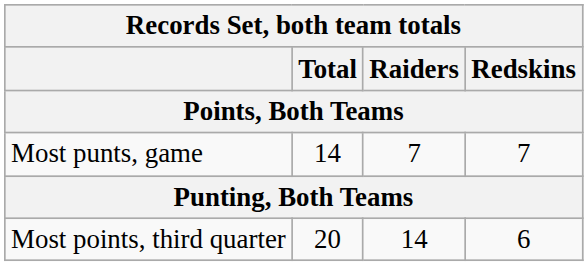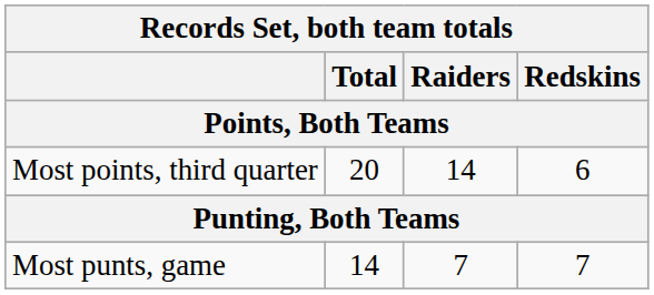 <table class="wikitable">
 <tr>
 <th colspan=4>Records Set, both team totals</th>
 </tr>
 <tr>
 <th></th>
 <th>Total</th>
 <th>Raiders</th>
 <th>Redskins</th>
 </tr>
 <tr>
 <th colspan=4>Points, Both Teams</th>
 </tr>
 <tr align=center>
+<td align=left>Most points, third quarter</td>
+<td>20</td>
+<td>14</td>
+<td>6</td>
+</tr>
+<tr>
+<th colspan=4>Punting, Both Teams</th>
+</tr>
+<tr align=center>
 <td align=left>Most punts, game</td>
 <td>14</td>
 <td>7</td>
 <td>7</td>
 </tr>
-<tr>
-<th colspan=4>Punting, Both Teams</th>
-</tr>
-<tr align=center>
-<td align=left>Most points, third quarter</td>
-<td>20</td>
-<td>14</td>
-<td>6</td>
-</tr>
 </table>
